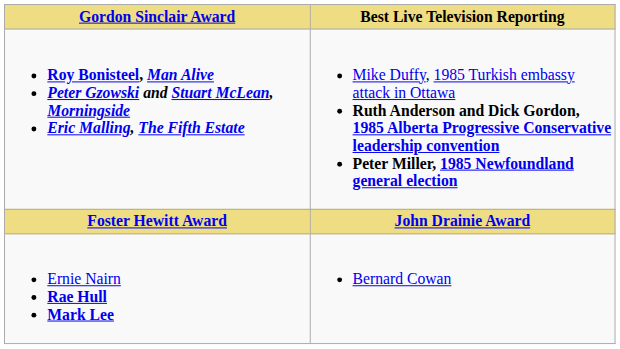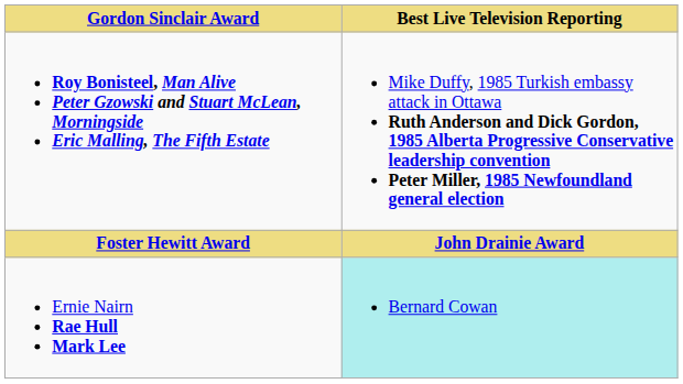 <table class=wikitable width="100%">
 <tr>
 <th style="background:#EEDD82; width:50%"><a href='#'>Gordon Sinclair Award</a></th>
 <th style="background:#EEDD82; width:50%">Best Live Television Reporting</th>
 </tr>
 <tr>
 <td valign="top"><br><ul><li> <strong><a href='#'>Roy Bonisteel</a>, <em><a href='#'>Man Alive</a><strong><em></li><li><a href='#'>Peter Gzowski</a> and <a href='#'>Stuart McLean</a>, </em><a href='#'>Morningside</a><em></li><li><a href='#'>Eric Malling</a>, </em><a href='#'>The Fifth Estate</a><em></li></ul></td>
 <td valign="top"><br><ul><li> </strong><a href='#'>Mike Duffy</a>, <a href='#'>1985 Turkish embassy attack in Ottawa</a><strong></li><li>Ruth Anderson and Dick Gordon, <a href='#'>1985 Alberta Progressive Conservative leadership convention</a></li><li>Peter Miller, <a href='#'>1985 Newfoundland general election</a></li></ul></td>
 </tr>
 <tr>
 <th style="background:#EEDD82; width:50%"><a href='#'>Foster Hewitt Award</a></th>
 <th style="background:#EEDD82; width:50%"><a href='#'>John Drainie Award</a></th>
 </tr>
 <tr>
 <td valign="top"><br><ul><li> </strong><a href='#'>Ernie Nairn</a><strong></li><li><a href='#'>Rae Hull</a></li><li><a href='#'>Mark Lee</a></li></ul></td>
-<td valign="top"><br><ul><li> </strong><a href='#'>Bernard Cowan</a><strong></li></ul></td>
+<td valign="top" style="background: paleturquoise;"><br><ul><li> </strong><a href='#'>Bernard Cowan</a><strong></li></ul></td>
 </tr>
 </table>
